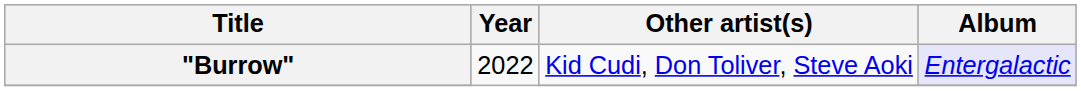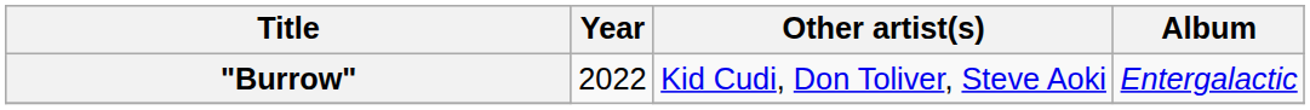 <table class="wikitable plainrowheaders" style="text-align:center;">
 <tr>
 <th scope="col" style="width:18em;">Title</th>
 <th scope="col">Year</th>
 <th scope="col">Other artist(s)</th>
 <th scope="col">Album</th>
 </tr>
 <tr>
 <th scope="row">"Burrow"</th>
 <td rowspan="10">2022</td>
 <td><a href='#'>Kid Cudi</a>, <a href='#'>Don Toliver</a>, <a href='#'>Steve Aoki</a></td>
-<td style="background: lavender;"><em><a href='#'>Entergalactic</a></em></td>
+<td><em><a href='#'>Entergalactic</a></em></td>
 </tr>
 <tr>
 </tr>
 </table>
